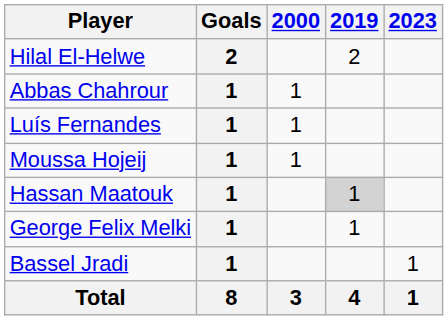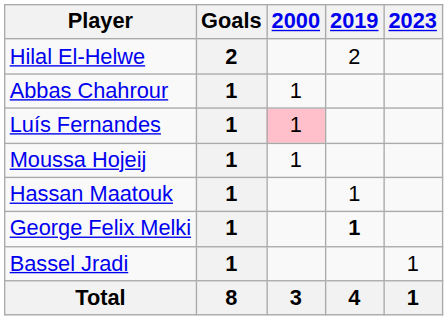 <table class="wikitable sortable">
 <tr>
 <th>Player</th>
 <th>Goals</th>
 <th><a href='#'>2000</a></th>
 <th><a href='#'>2019</a></th>
 <th><a href='#'>2023</a></th>
 </tr>
 <tr>
 <td><a href='#'>Hilal El-Helwe</a></td>
 <th>2</th>
 <td></td>
 <td align="center">2</td>
 <td></td>
 </tr>
 <tr>
 <td><a href='#'>Abbas Chahrour</a></td>
 <th>1</th>
 <td align="center">1</td>
 <td></td>
 <td></td>
 </tr>
 <tr>
 <td><a href='#'>Luís Fernandes</a></td>
 <th>1</th>
-<td align="center">1</td>
+<td align="center" style="background: pink;">1</td>
 <td></td>
 </tr>
 <tr>
 <td><a href='#'>Moussa Hojeij</a></td>
 <th>1</th>
 <td align="center">1</td>
 <td></td>
 <td></td>
 </tr>
 <tr>
 <td><a href='#'>Hassan Maatouk</a></td>
 <th>1</th>
 <td></td>
-<td align="center" style="background: lightgrey;">1</td>
+<td align="center">1</td>
 <td></td>
 </tr>
 <tr>
 <td><a href='#'>George Felix Melki</a></td>
 <th>1</th>
 <td></td>
-<td align="center">1</td>
+<td align="center"><strong>1</strong></td>
 </tr>
 <tr>
 <td><a href='#'>Bassel Jradi</a></td>
 <th>1</th>
 <td></td>
 <td></td>
 <td align="center">1</td>
 </tr>
 <tr>
 <th>Total</th>
 <th>8</th>
 <th>3</th>
 <th>4</th>
 <th>1</th>
 </tr>
 </table>
